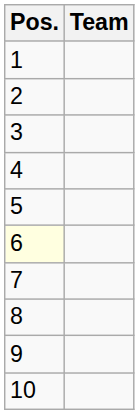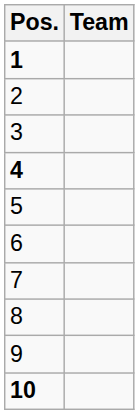 <table class="wikitable">
 <tr>
 <th>Pos.</th>
 <th>Team</th>
 </tr>
 <tr>
-<td>1</td>
+<td><strong>1</strong></td>
 <td></td>
 </tr>
 <tr>
 <td>2</td>
 <td></td>
 </tr>
 <tr>
 <td>3</td>
 <td></td>
 </tr>
 <tr>
-<td>4</td>
+<td><strong>4</strong></td>
 <td></td>
 </tr>
 <tr>
 <td>5</td>
 <td></td>
 </tr>
 <tr>
-<td style="background: lightyellow;">6</td>
+<td>6</td>
 <td></td>
 </tr>
 <tr>
 <td>7</td>
 <td></td>
 </tr>
 <tr>
 <td>8</td>
 <td></td>
 </tr>
 <tr>
 <td>9</td>
 <td></td>
 </tr>
 <tr>
-<td>10</td>
+<td><strong>10</strong></td>
 <td></td>
 </tr>
 </table>
